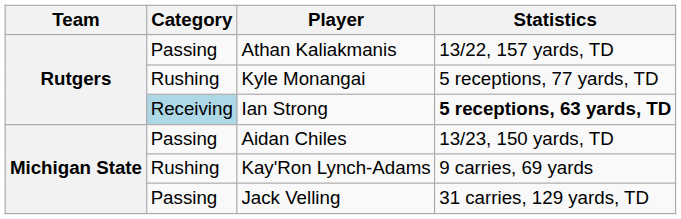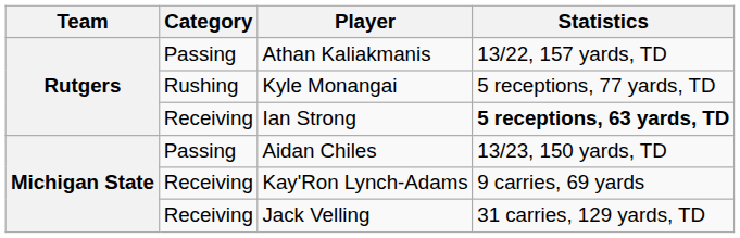 <table class="wikitable" style="float:right">
 <tr>
 <th>Team</th>
 <th>Category</th>
 <th>Player</th>
 <th>Statistics</th>
 </tr>
 <tr>
 <th rowspan=3>Rutgers</th>
 <td>Passing</td>
 <td>Athan Kaliakmanis</td>
 <td>13/22, 157 yards, TD</td>
 </tr>
 <tr>
 <td>Rushing</td>
 <td>Kyle Monangai</td>
 <td>5 receptions, 77 yards, TD</td>
 </tr>
 <tr>
-<td style="background: lightblue;">Receiving</td>
+<td>Receiving</td>
 <td>Ian Strong</td>
 <td><strong>5 receptions, 63 yards, TD</strong></td>
 </tr>
 <tr>
 <th rowspan=3>Michigan State</th>
 <td>Passing</td>
 <td>Aidan Chiles</td>
 <td>13/23, 150 yards, TD</td>
 </tr>
 <tr>
-<td>Rushing</td>
+<td>Receiving</td>
 <td>Kay'Ron Lynch-Adams</td>
 <td>9 carries, 69 yards</td>
 </tr>
 <tr>
-<td>Passing</td>
+<td>Receiving</td>
 <td>Jack Velling</td>
 <td>31 carries, 129 yards, TD</td>
 </tr>
 </table>
